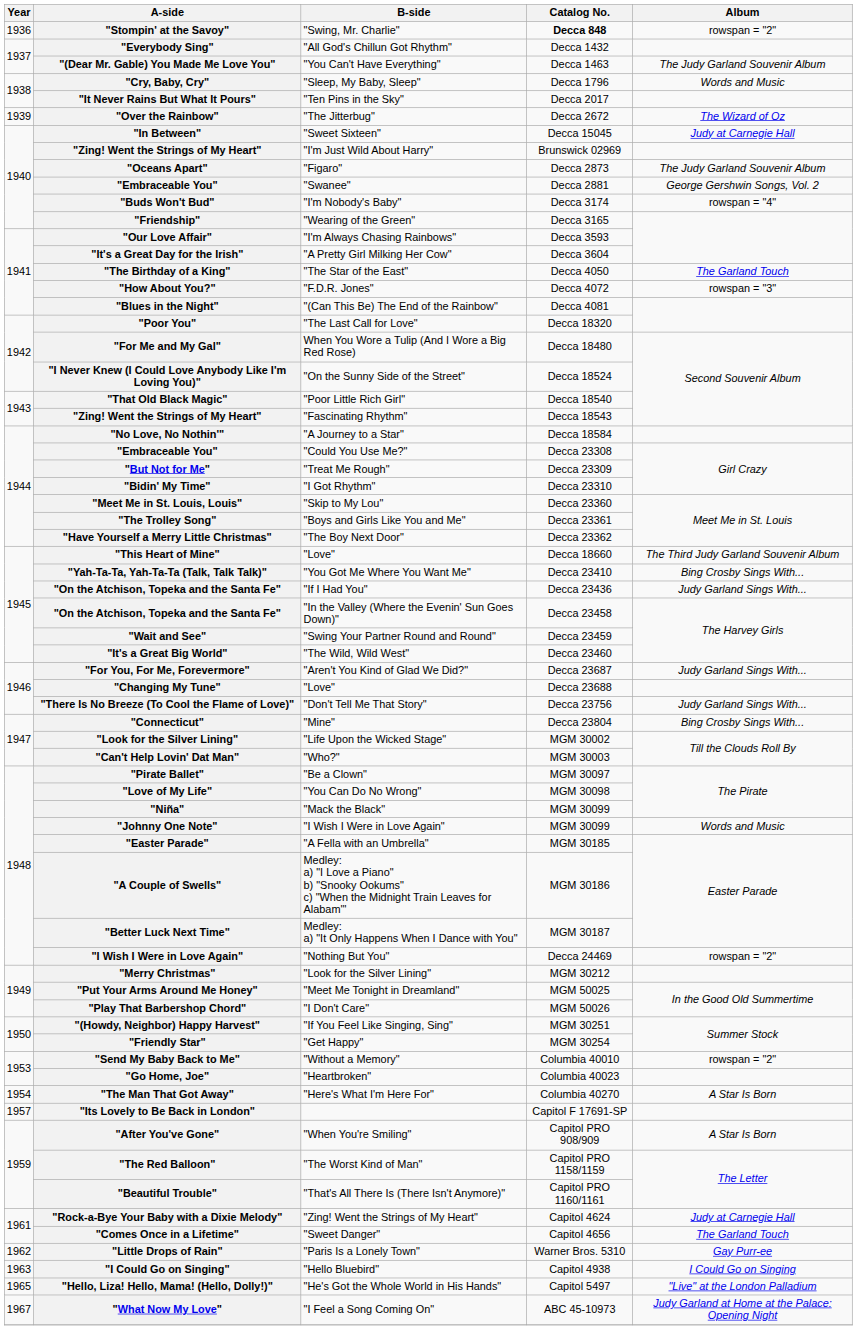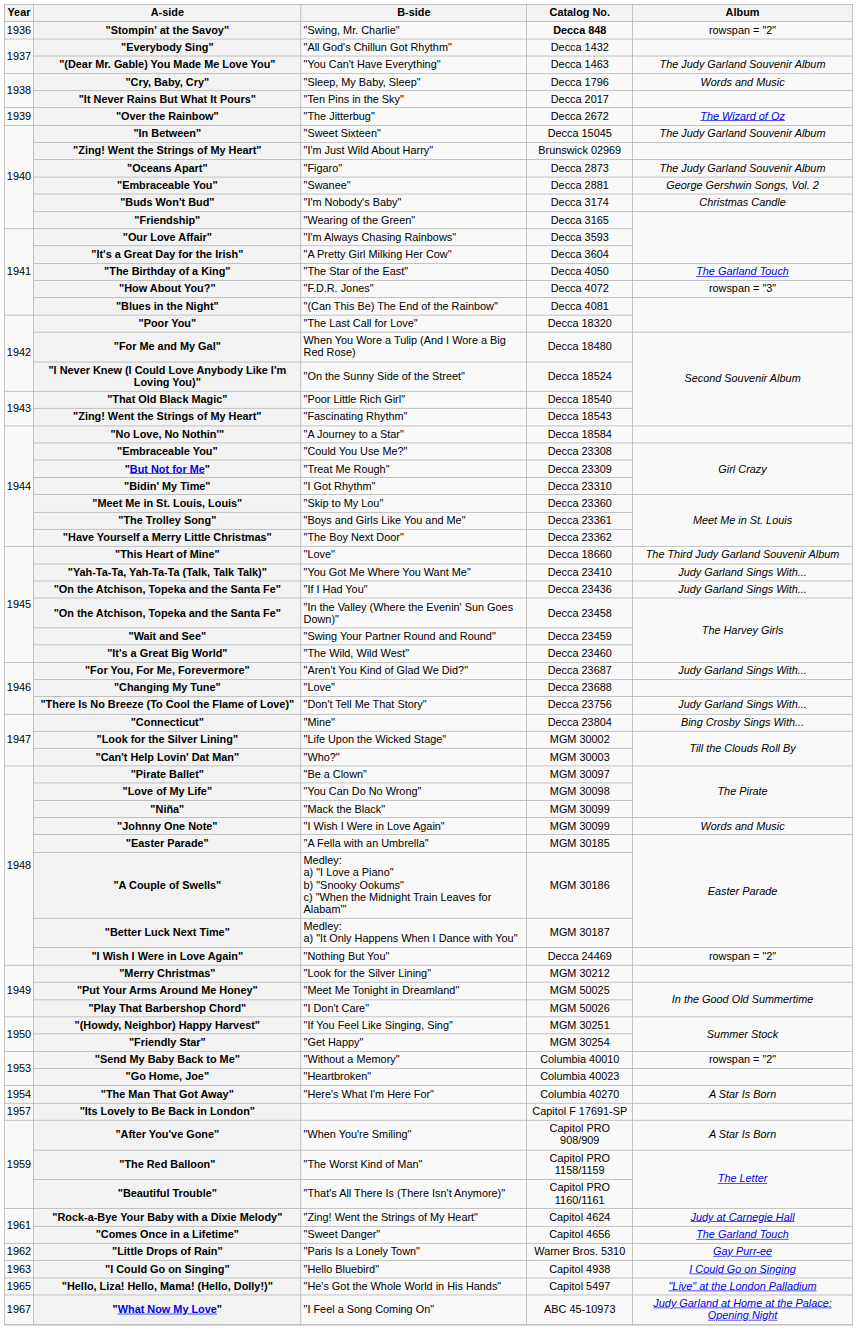 <table class="wikitable plainrowheaders" style=text-align:center;>
 <tr>
 <th scope="col">Year</th>
 <th scope="col">A-side</th>
 <th scope="col">B-side</th>
 <th scope="col">Catalog No.</th>
 <th scope="col">Album</th>
 </tr>
 <tr>
 <td>1936</td>
 <th scope="row">"Stompin' at  the Savoy"</th>
 <td style=text-align:left;>"Swing, Mr. Charlie"</td>
 <td><strong>Decca 848</strong></td>
 <td>rowspan = "2" </td>
 </tr>
 <tr>
 <td rowspan = "2">1937</td>
 <th scope="row">"Everybody Sing"</th>
 <td style=text-align:left;>"All God's Chillun Got Rhythm"</td>
 <td>Decca 1432</td>
 </tr>
 <tr>
 <th scope="row">"(Dear Mr. Gable) You Made Me Love You"</th>
 <td style=text-align:left;>"You Can't Have Everything"</td>
 <td>Decca 1463</td>
 <td><em>The Judy Garland Souvenir Album</em></td>
 </tr>
 <tr>
 <td rowspan = "2">1938</td>
 <th scope="row">"Cry, Baby, Cry"</th>
 <td style=text-align:left;>"Sleep, My Baby, Sleep"</td>
 <td>Decca 1796</td>
 <td><em>Words and Music</em></td>
 </tr>
 <tr>
 <th scope="row">"It Never Rains But What It Pours"</th>
 <td style=text-align:left;>"Ten Pins in the Sky"</td>
 <td>Decca 2017</td>
 </tr>
 <tr>
 <td>1939</td>
 <th scope="row">"Over the Rainbow"</th>
 <td style=text-align:left;>"The Jitterbug"</td>
 <td>Decca 2672</td>
 <td><em><a href='#'>The Wizard of Oz</a></em></td>
 </tr>
 <tr>
 <td rowspan = "6">1940</td>
 <th scope="row">"In Between"</th>
 <td style=text-align:left;>"Sweet Sixteen"</td>
 <td>Decca 15045</td>
-<td><em><a href='#'>Judy at Carnegie Hall</a></em></td>
+<td><em>The Judy Garland Souvenir Album</em></td>
 </tr>
 <tr>
 <th scope="row">"Zing! Went the Strings of My Heart"</th>
 <td style=text-align:left;>"I'm Just Wild About Harry"</td>
 <td>Brunswick 02969 </td>
 <td></td>
 </tr>
 <tr>
 <th scope="row">"Oceans Apart"</th>
 <td style=text-align:left;>"Figaro"</td>
 <td>Decca 2873</td>
 <td><em>The Judy Garland Souvenir Album</em></td>
 </tr>
 <tr>
 <th scope="row">"Embraceable You"</th>
 <td style=text-align:left;>"Swanee"</td>
 <td>Decca 2881</td>
 <td><em>George Gershwin Songs, Vol. 2</em></td>
 </tr>
 <tr>
 <th scope="row">"Buds Won't Bud"</th>
 <td style=text-align:left;>"I'm Nobody's Baby"</td>
 <td>Decca 3174</td>
-<td>rowspan = "4" </td>
+<td><em>Christmas Candle</em></td>
 </tr>
 <tr>
 <th scope="row">"Friendship" </th>
 <td style=text-align:left;>"Wearing of the Green"</td>
 <td>Decca 3165</td>
 </tr>
 <tr>
 <td rowspan = "5">1941</td>
 <th scope="row">"Our Love Affair"</th>
 <td style=text-align:left;>"I'm Always Chasing Rainbows"</td>
 <td>Decca 3593</td>
 </tr>
 <tr>
 <th scope="row">"It's a Great Day for the Irish"</th>
 <td style=text-align:left;>"A Pretty Girl Milking Her Cow"</td>
 <td>Decca 3604</td>
 </tr>
 <tr>
 <th scope="row">"The Birthday of a King"</th>
 <td style=text-align:left;>"The Star of the East"</td>
 <td>Decca 4050</td>
 <td><em><a href='#'>The Garland Touch</a></em></td>
 </tr>
 <tr>
 <th scope="row">"How About You?"</th>
 <td style=text-align:left;>"F.D.R. Jones"</td>
 <td>Decca 4072</td>
 <td>rowspan = "3" </td>
 </tr>
 <tr>
 <th scope="row">"Blues in the Night"</th>
 <td style=text-align:left;>"(Can This Be) The End of the Rainbow"</td>
 <td>Decca 4081</td>
 </tr>
 <tr>
 <td rowspan = "3">1942</td>
 <th scope="row">"Poor You"</th>
 <td style=text-align:left;>"The Last Call for Love"</td>
 <td>Decca 18320</td>
 </tr>
 <tr>
 <th scope="row">"For Me and My Gal" </th>
 <td style=text-align:left;>When You Wore a Tulip (And I Wore a Big Red Rose) </td>
 <td>Decca 18480</td>
 <td rowspan = "4"><em>Second Souvenir Album</em></td>
 </tr>
 <tr>
 <th scope="row">"I Never Knew (I Could Love Anybody Like I'm Loving You)"</th>
 <td style=text-align:left;>"On the Sunny Side of the Street"</td>
 <td>Decca 18524</td>
 </tr>
 <tr>
 <td rowspan = "2">1943</td>
 <th scope="row">"That Old Black Magic"</th>
 <td style=text-align:left;>"Poor Little Rich Girl"</td>
 <td>Decca 18540</td>
 </tr>
 <tr>
 <th scope="row">"Zing! Went the Strings of My Heart"</th>
 <td style=text-align:left;>"Fascinating Rhythm"</td>
 <td>Decca 18543</td>
 </tr>
 <tr>
 <td rowspan = "7">1944</td>
 <th scope="row">"No Love, No Nothin'"</th>
 <td style=text-align:left;>"A Journey to a Star"</td>
 <td>Decca 18584</td>
 <td></td>
 </tr>
 <tr>
 <th scope="row">"Embraceable You"</th>
 <td style=text-align:left;>"Could You Use Me?" </td>
 <td>Decca 23308</td>
 <td rowspan = "3"><em>Girl Crazy</em></td>
 </tr>
 <tr>
 <th scope="row">"<a href='#'>But Not for Me</a>"</th>
 <td style=text-align:left;>"Treat Me Rough" </td>
 <td>Decca 23309</td>
 </tr>
 <tr>
 <th scope="row">"Bidin' My Time" </th>
 <td style=text-align:left;>"I Got Rhythm"</td>
 <td>Decca 23310</td>
 </tr>
 <tr>
 <th scope="row">"Meet Me in St. Louis, Louis"</th>
 <td style=text-align:left;>"Skip to My Lou"</td>
 <td>Decca 23360</td>
 <td rowspan = "3"><em>Meet Me in St. Louis</em></td>
 </tr>
 <tr>
 <th scope="row">"The Trolley Song"</th>
 <td style=text-align:left;>"Boys and Girls Like You and Me"</td>
 <td>Decca 23361</td>
 </tr>
 <tr>
 <th scope="row">"Have Yourself a Merry Little Christmas"</th>
 <td style=text-align:left;>"The Boy Next Door"</td>
 <td>Decca 23362</td>
 </tr>
 <tr>
 <td rowspan = "6">1945</td>
 <th scope="row">"This Heart of Mine"</th>
 <td style=text-align:left;>"Love"</td>
 <td>Decca 18660</td>
 <td><em>The Third Judy Garland Souvenir Album</em></td>
 </tr>
 <tr>
 <th scope="row">"Yah-Ta-Ta, Yah-Ta-Ta (Talk, Talk Talk)" </th>
 <td style=text-align:left;>"You Got Me Where You Want Me" </td>
 <td>Decca 23410</td>
-<td><em>Bing Crosby Sings With...</em></td>
+<td><em>Judy Garland Sings With...</em></td>
 </tr>
 <tr>
 <th scope="row">"On the Atchison, Topeka and the Santa Fe" </th>
 <td style=text-align:left;>"If I Had You" </td>
 <td>Decca 23436</td>
 <td><em>Judy Garland Sings With...</em></td>
 </tr>
 <tr>
 <th scope="row">"On the Atchison, Topeka and the Santa Fe"</th>
 <td style=text-align:left;>"In the Valley (Where the Evenin' Sun Goes Down)"</td>
 <td>Decca 23458</td>
 <td rowspan = "3"><em>The Harvey Girls</em></td>
 </tr>
 <tr>
 <th scope="row">"Wait and See" </th>
 <td style=text-align:left;>"Swing Your Partner Round and Round"</td>
 <td>Decca 23459</td>
 </tr>
 <tr>
 <th scope="row">"It's a Great Big World" </th>
 <td style=text-align:left;>"The Wild, Wild West" </td>
 <td>Decca 23460</td>
 </tr>
 <tr>
 <td rowspan = "3">1946</td>
 <th scope="row">"For You, For Me, Forevermore" </th>
 <td style=text-align:left;>"Aren't You Kind of Glad We Did?" </td>
 <td>Decca 23687</td>
 <td><em>Judy Garland Sings With...</em></td>
 </tr>
 <tr>
 <th scope="row">"Changing My Tune"</th>
 <td style=text-align:left;>"Love"</td>
 <td>Decca 23688</td>
 <td></td>
 </tr>
 <tr>
 <th scope="row">"There Is No Breeze (To Cool the Flame of Love)"</th>
 <td style=text-align:left;>"Don't Tell Me That Story"</td>
 <td>Decca 23756</td>
 <td><em>Judy Garland Sings With...</em></td>
 </tr>
 <tr>
 <td rowspan = "3">1947</td>
 <th scope="row">"Connecticut" </th>
 <td style=text-align:left;>"Mine" </td>
 <td>Decca 23804</td>
 <td><em>Bing Crosby Sings With...</em></td>
 </tr>
 <tr>
 <th scope="row">"Look for the Silver Lining"</th>
 <td style=text-align:left;>"Life Upon the Wicked Stage" </td>
 <td>MGM 30002</td>
 <td rowspan = "2"><em>Till the Clouds Roll By</em></td>
 </tr>
 <tr>
 <th scope="row">"Can't Help Lovin' Dat Man" </th>
 <td style=text-align:left;>"Who?"</td>
 <td>MGM 30003</td>
 </tr>
 <tr>
 <td rowspan = "8">1948</td>
 <th scope="row">"Pirate Ballet" </th>
 <td style=text-align:left;>"Be a Clown" </td>
 <td>MGM 30097</td>
 <td rowspan = "3"><em>The Pirate</em></td>
 </tr>
 <tr>
 <th scope="row">"Love of My Life"</th>
 <td style=text-align:left;>"You Can Do No Wrong"</td>
 <td>MGM 30098</td>
 </tr>
 <tr>
 <th scope="row">"Niña" </th>
 <td style=text-align:left;>"Mack the Black"</td>
 <td>MGM 30099</td>
 </tr>
 <tr>
 <th scope="row">"Johnny One Note"</th>
 <td style=text-align:left;>"I Wish I Were in Love Again" </td>
 <td>MGM 30099</td>
 <td><em>Words and Music</em></td>
 </tr>
 <tr>
 <th scope="row">"Easter Parade" </th>
 <td style=text-align:left;>"A Fella with an Umbrella" </td>
 <td>MGM 30185</td>
 <td rowspan = "3"><em>Easter Parade</em></td>
 </tr>
 <tr>
 <th scope="row">"A Couple of Swells" </th>
 <td style=text-align:left;>Medley:<br>a) "I Love a Piano"<br>b) "Snooky Ookums"<br>c) "When the Midnight Train Leaves for Alabam'" </td>
 <td>MGM 30186</td>
 </tr>
 <tr>
 <th scope="row">"Better Luck Next Time"</th>
 <td style=text-align:left;>Medley:<br>a) "It Only Happens When I Dance with You" </td>
 <td>MGM 30187</td>
 </tr>
 <tr>
 <th scope="row">"I Wish I Were in Love Again"</th>
 <td style=text-align:left;>"Nothing But You"</td>
 <td>Decca 24469</td>
 <td>rowspan = "2" </td>
 </tr>
 <tr>
 <td rowspan = "3">1949</td>
 <th scope="row">"Merry Christmas"</th>
 <td style=text-align:left;>"Look for the Silver Lining"</td>
 <td>MGM 30212</td>
 </tr>
 <tr>
 <th scope="row">"Put Your Arms Around Me Honey"</th>
 <td style=text-align:left;>"Meet Me Tonight in Dreamland"</td>
 <td>MGM 50025</td>
 <td rowspan = "2"><em>In the Good Old Summertime</em></td>
 </tr>
 <tr>
 <th scope="row">"Play That Barbershop Chord" </th>
 <td style=text-align:left;>"I Don't Care"</td>
 <td>MGM 50026</td>
 </tr>
 <tr>
 <td rowspan = "2">1950</td>
 <th scope="row">"(Howdy, Neighbor) Happy Harvest"</th>
 <td style=text-align:left;>"If You Feel Like Singing, Sing"</td>
 <td>MGM 30251</td>
 <td rowspan = "2"><em>Summer Stock</em></td>
 </tr>
 <tr>
 <th scope="row">"Friendly Star"</th>
 <td style=text-align:left;>"Get Happy"</td>
 <td>MGM 30254</td>
 </tr>
 <tr>
 <td rowspan = "2">1953</td>
 <th scope="row">"Send My Baby Back to Me"</th>
 <td style=text-align:left;>"Without a Memory"</td>
 <td>Columbia 40010</td>
 <td>rowspan = "2" </td>
 </tr>
 <tr>
 <th scope="row">"Go Home, Joe"</th>
 <td style=text-align:left;>"Heartbroken"</td>
 <td>Columbia 40023</td>
 </tr>
 <tr>
 <td>1954</td>
 <th scope="row">"The Man That Got Away"</th>
 <td style=text-align:left;>"Here's What I'm Here For"</td>
 <td>Columbia 40270</td>
 <td><em>A Star Is Born</em></td>
 </tr>
 <tr>
 <td>1957</td>
 <th scope="row">"Its Lovely to Be Back in London"</th>
 <td></td>
 <td>Capitol F 17691-SP </td>
 <td></td>
 </tr>
 <tr>
 <td rowspan = "3">1959</td>
 <th scope="row">"After You've Gone"</th>
 <td style=text-align:left;>"When You're Smiling"</td>
 <td>Capitol PRO 908/909</td>
 <td><em>A Star Is Born</em></td>
 </tr>
 <tr>
 <th scope="row">"The Red Balloon"</th>
 <td style=text-align:left;>"The Worst Kind of Man"</td>
 <td>Capitol PRO 1158/1159</td>
 <td rowspan = "2"><em><a href='#'>The Letter</a></em></td>
 </tr>
 <tr>
 <th scope="row">"Beautiful Trouble"</th>
 <td style=text-align:left;>"That's All There Is (There Isn't Anymore)"</td>
 <td>Capitol PRO 1160/1161</td>
 </tr>
 <tr>
 <td rowspan = "2">1961</td>
 <th scope="row">"Rock-a-Bye Your Baby with a Dixie Melody"</th>
 <td style=text-align:left;>"Zing! Went the Strings of My Heart"</td>
 <td>Capitol 4624</td>
 <td><em><a href='#'>Judy at Carnegie Hall</a></em></td>
 </tr>
 <tr>
 <th scope="row">"Comes Once in a Lifetime"</th>
 <td style=text-align:left;>"Sweet Danger"</td>
 <td>Capitol 4656</td>
 <td><em><a href='#'>The Garland Touch</a></em></td>
 </tr>
 <tr>
 <td>1962</td>
 <th scope="row">"Little Drops of Rain"</th>
 <td style=text-align:left;>"Paris Is a Lonely Town"</td>
 <td>Warner Bros. 5310</td>
 <td><em><a href='#'>Gay Purr-ee</a></em></td>
 </tr>
 <tr>
 <td>1963</td>
 <th scope="row">"I Could Go on Singing"</th>
 <td style=text-align:left;>"Hello Bluebird"</td>
 <td>Capitol 4938</td>
 <td><em><a href='#'>I Could Go on Singing</a></em></td>
 </tr>
 <tr>
 <td>1965</td>
 <th scope="row">"Hello, Liza! Hello, Mama! (Hello, Dolly!)" </th>
 <td style=text-align:left;>"He's Got the Whole World in His Hands" </td>
 <td>Capitol 5497</td>
 <td><em><a href='#'>"Live" at the London Palladium</a></em></td>
 </tr>
 <tr>
 <td>1967</td>
 <th scope="row">"<a href='#'>What Now My Love</a>"</th>
 <td style=text-align:left;>"I Feel a Song Coming On"</td>
 <td>ABC 45-10973</td>
 <td><em><a href='#'>Judy Garland at Home at the Palace: Opening Night</a></em></td>
 </tr>
 <tr>
 </tr>
 </table>
